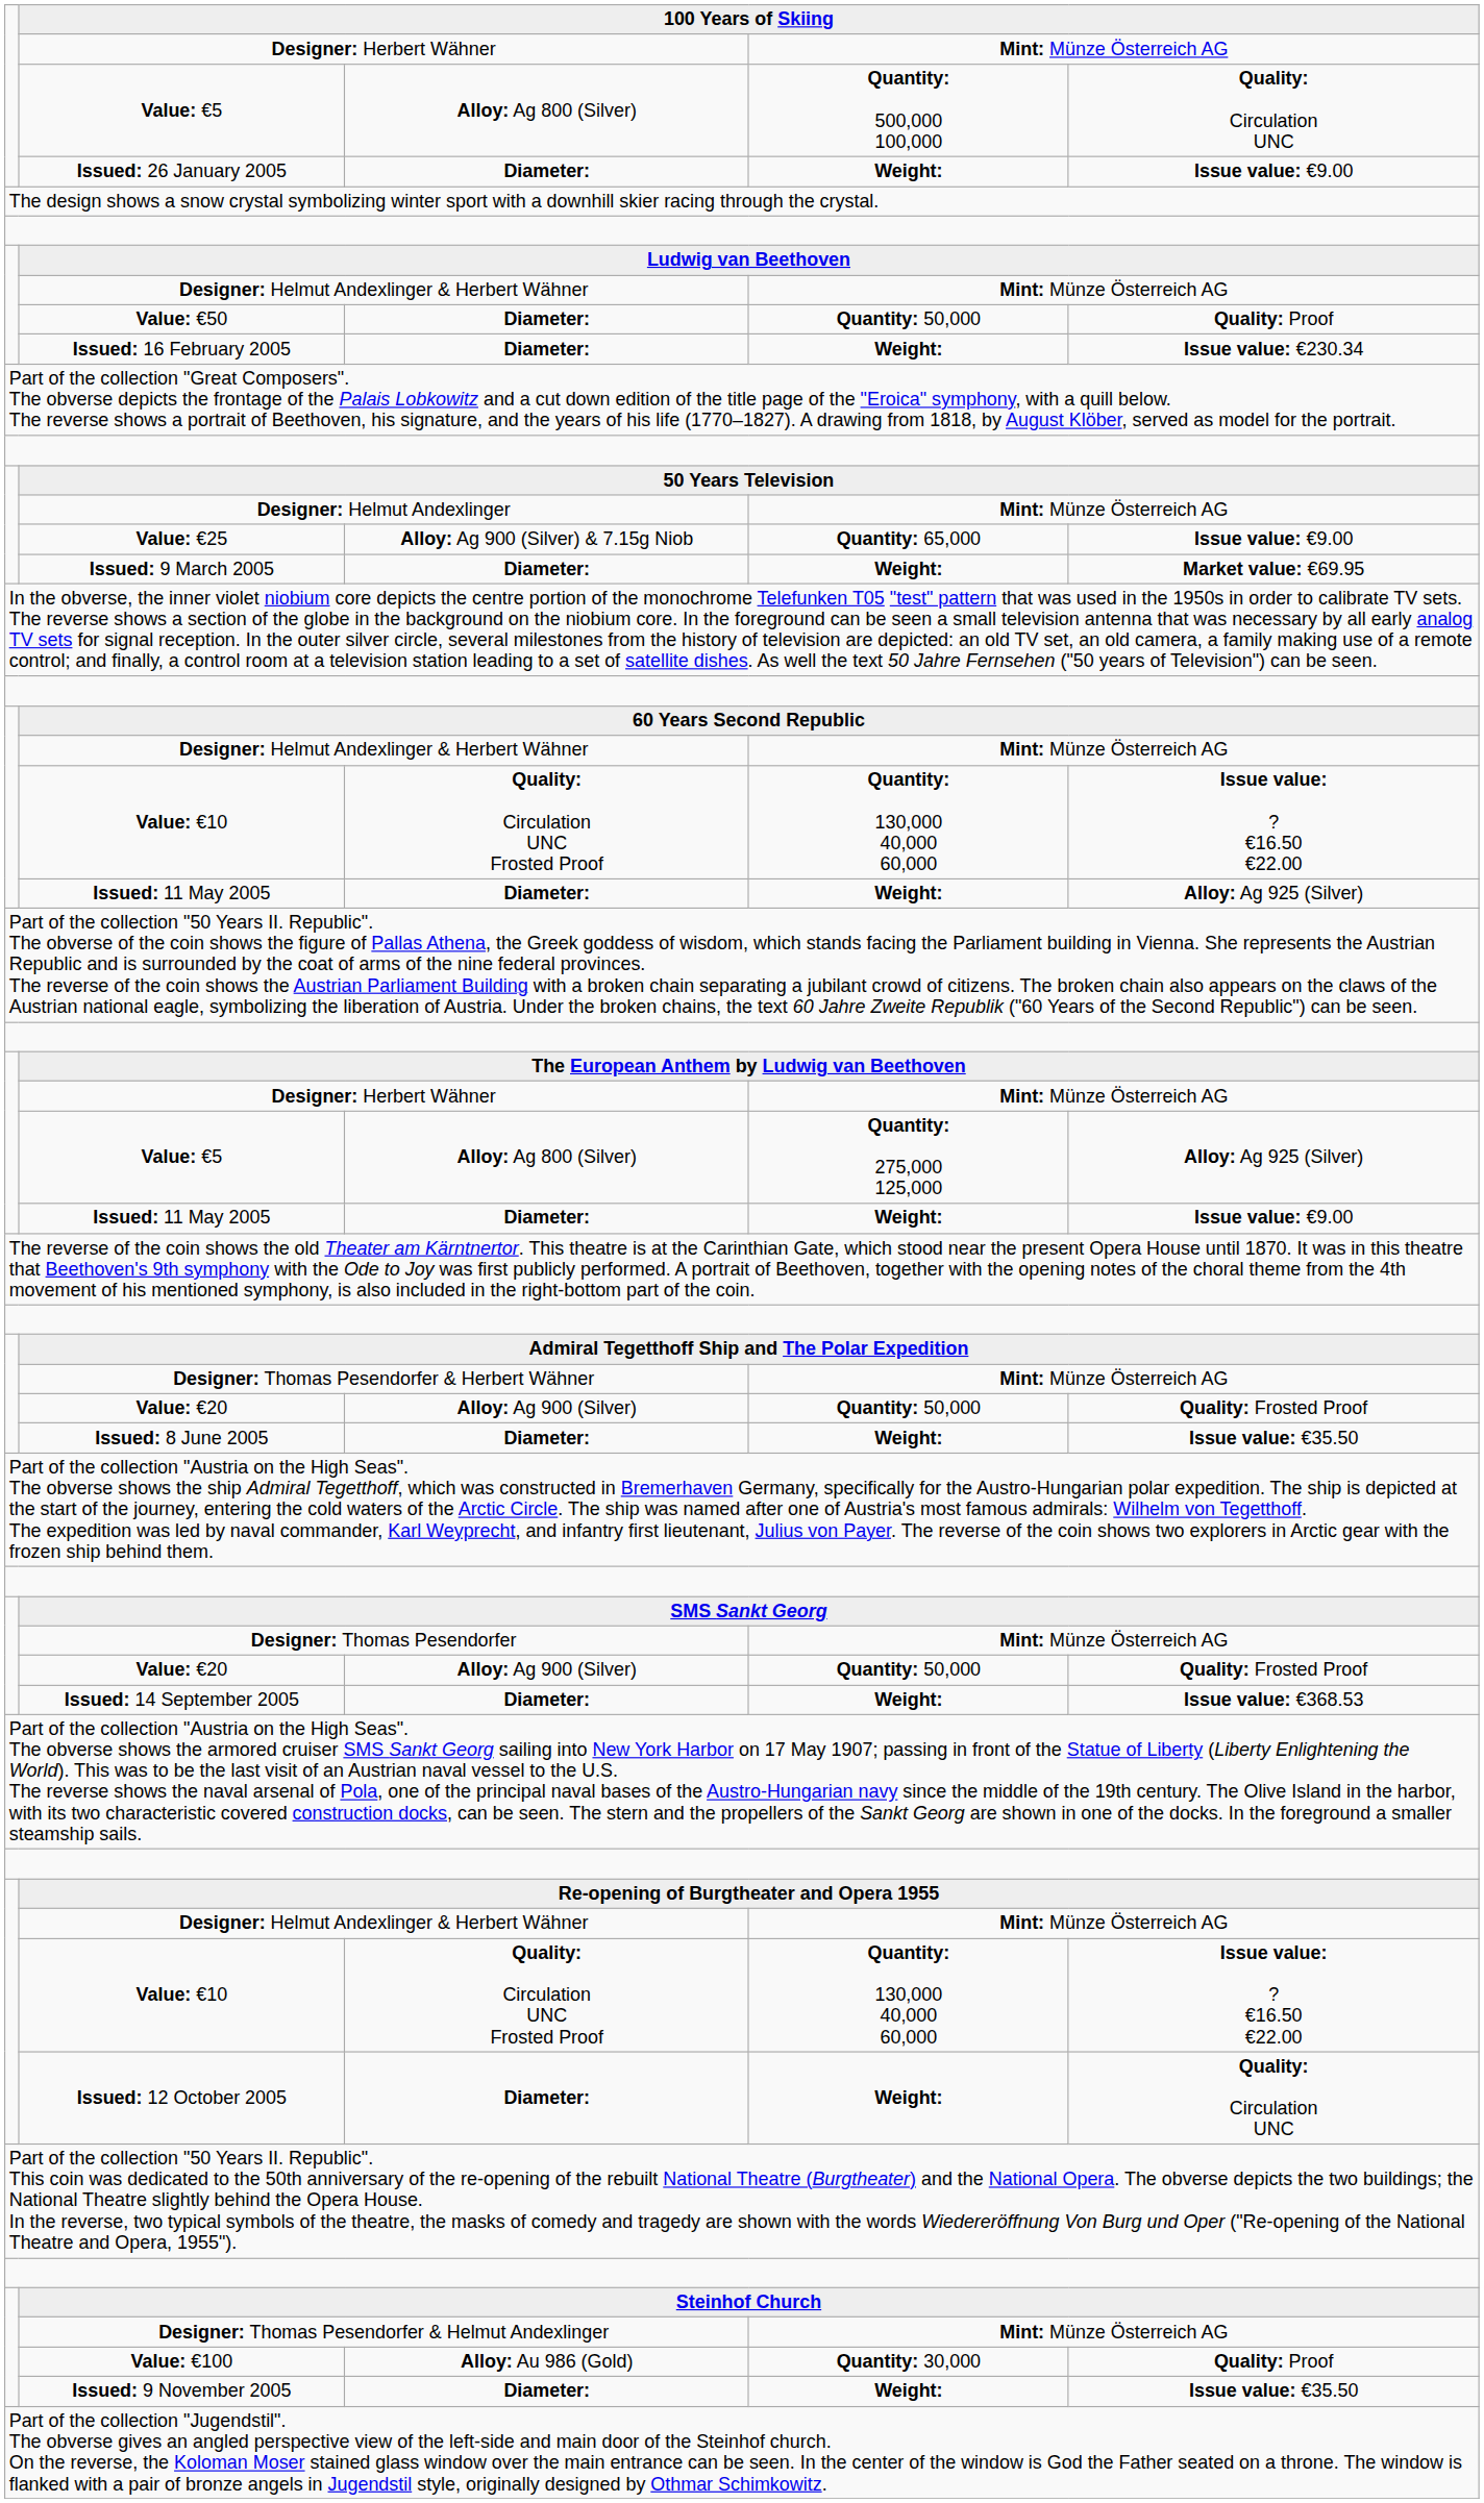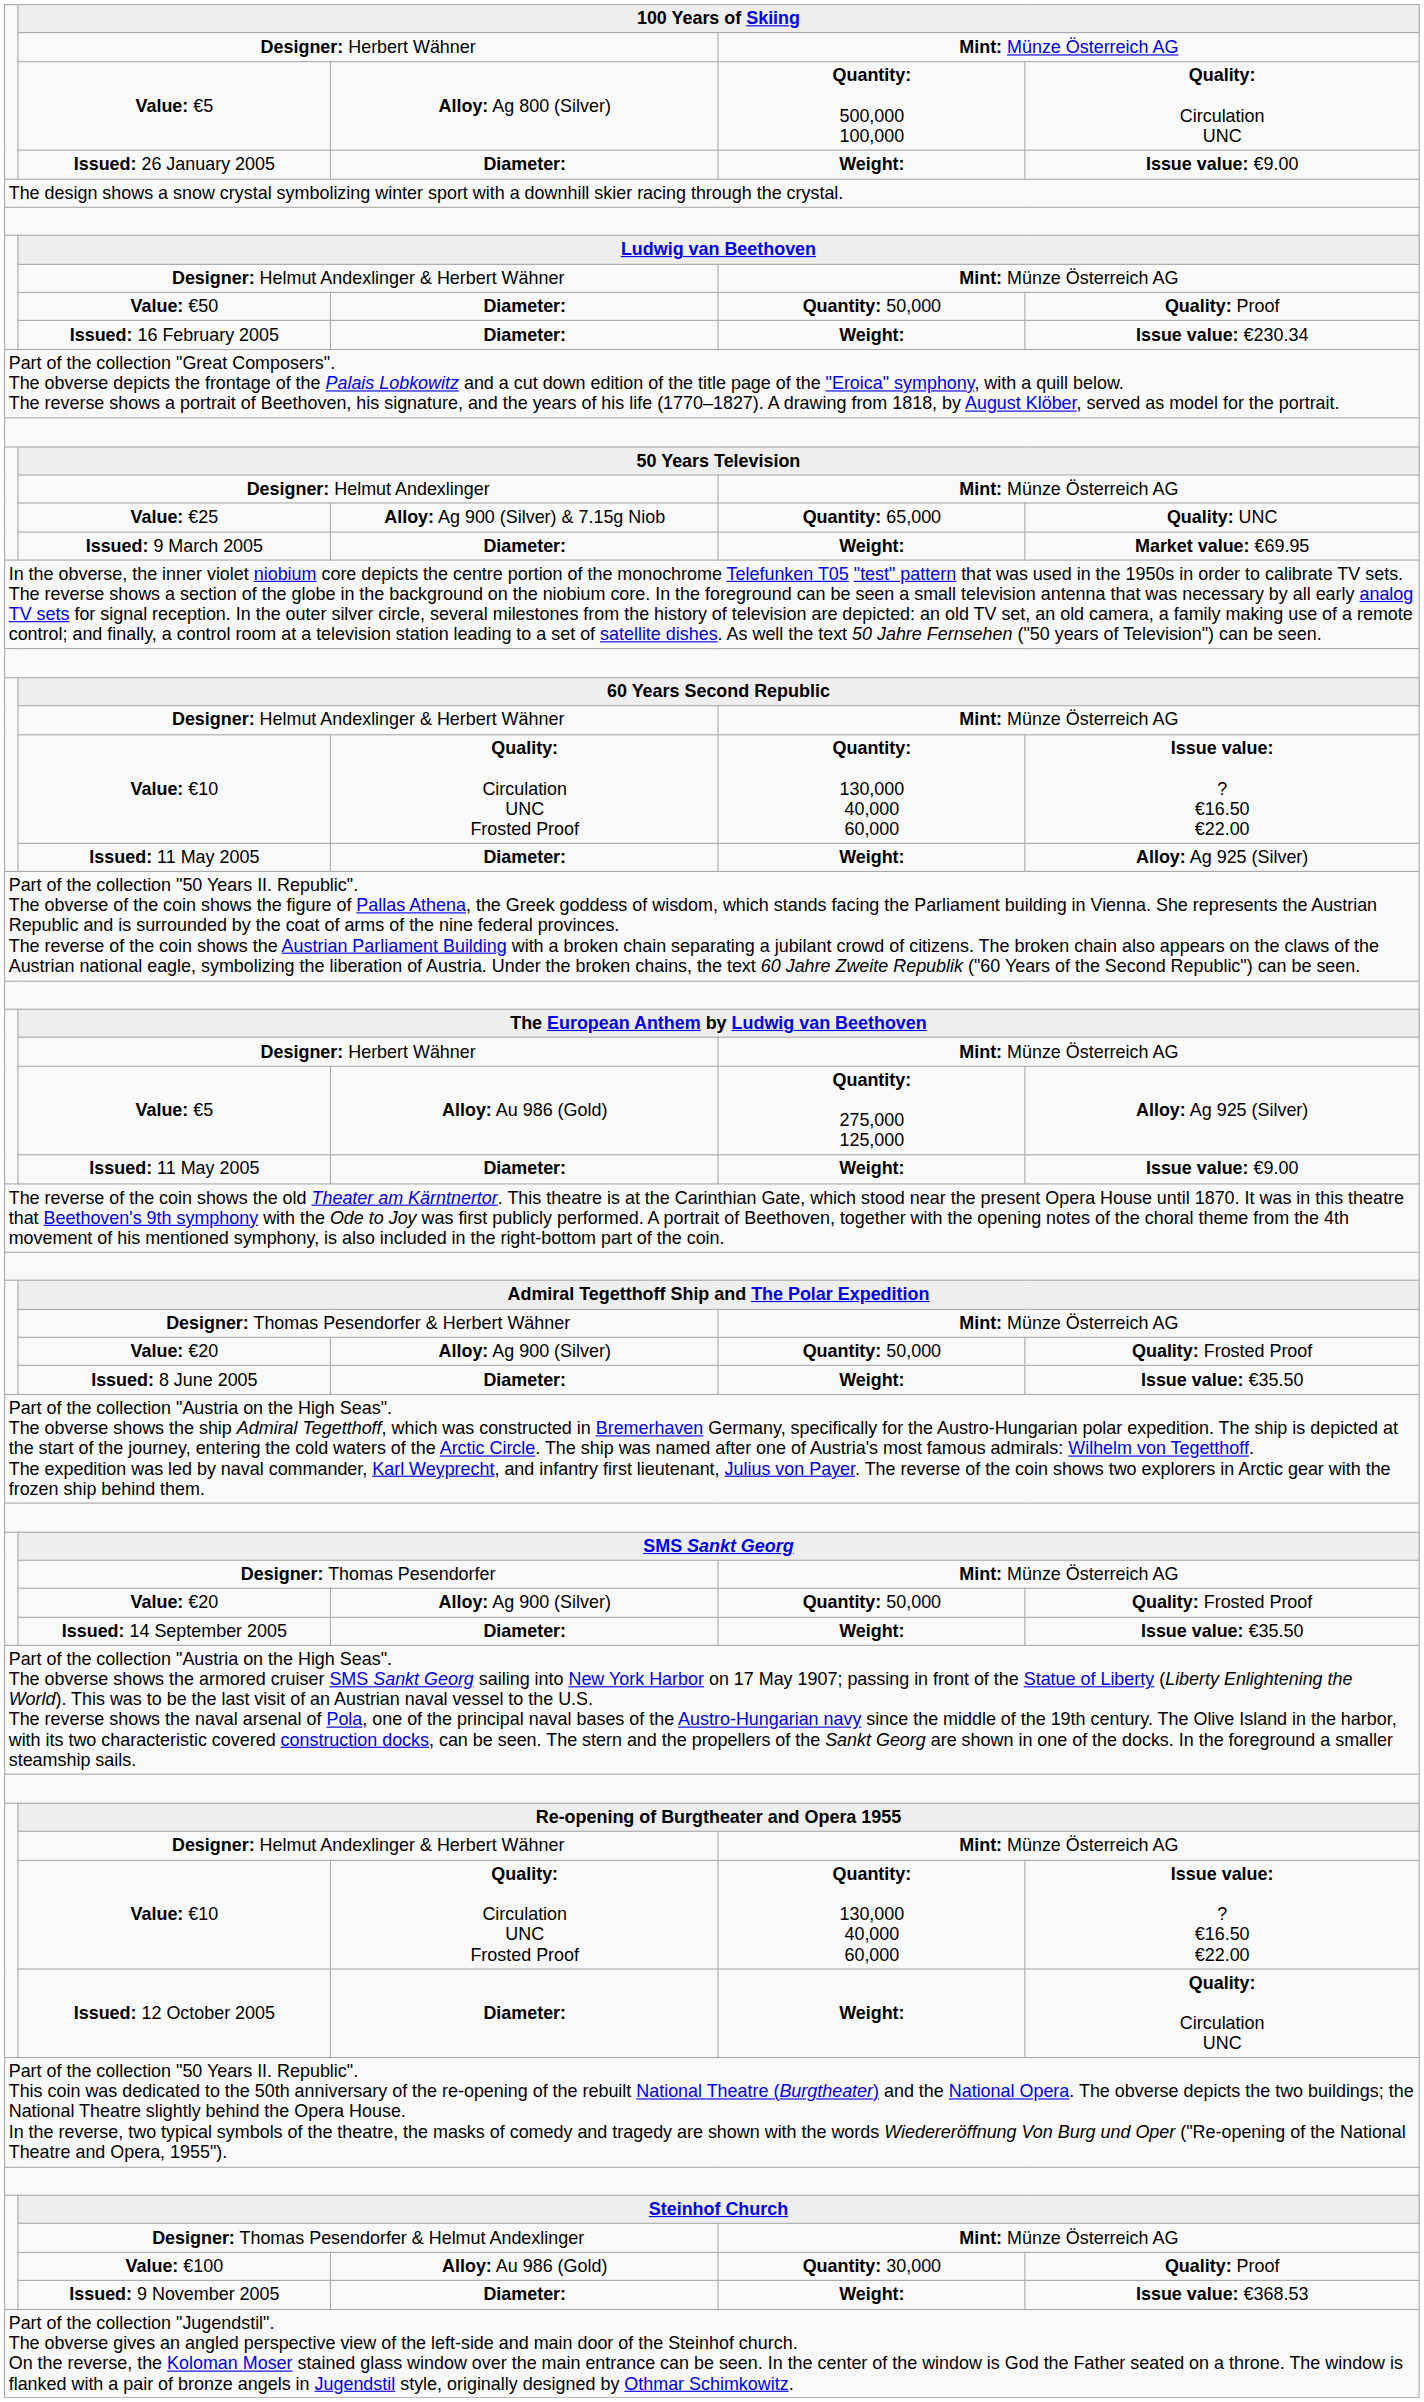 <table class="wikitable" width="100%">
 <tr>
 <td rowspan=4 width="330px" nowrap align=center> </td>
 <th colspan="4" align=center style="background:#eeeeee;">100 Years of <a href='#'>Skiing</a></th>
 </tr>
 <tr>
 <td colspan="2" width="50%" align=center><strong>Designer:</strong> Herbert Wähner</td>
 <td colspan="2" width="50%" align=center><strong>Mint:</strong> <a href='#'>Münze Österreich AG</a></td>
 </tr>
 <tr>
 <td align=center><strong>Value:</strong> €5</td>
 <td align=center><strong>Alloy:</strong> Ag 800 (Silver)</td>
 <td align=center><strong>Quantity:</strong><br><br>500,000<br> 100,000</td>
 <td align=center><strong>Quality:</strong><br><br>Circulation<br> UNC</td>
 </tr>
 <tr>
 <td align=center><strong>Issued:</strong> 26 January 2005</td>
 <td align=center><strong>Diameter:</strong> </td>
 <td align=center><strong>Weight:</strong> </td>
 <td align=center><strong>Issue value:</strong> €9.00</td>
 </tr>
 <tr>
 <td colspan="5" align=left>The design shows a snow crystal symbolizing winter sport with a downhill skier racing through the crystal.</td>
 </tr>
 <tr>
 <td colspan="5"> </td>
 </tr>
 <tr>
 <td rowspan=4 width="330px" nowrap align=center> </td>
 <th colspan="4" align=center style="background:#eeeeee;"><a href='#'>Ludwig van Beethoven</a></th>
 </tr>
 <tr>
 <td colspan="2" width="50%" align=center><strong>Designer:</strong> Helmut Andexlinger & Herbert Wähner</td>
 <td colspan="2" width="50%" align=center><strong>Mint:</strong> Münze Österreich AG</td>
 </tr>
 <tr>
 <td align=center><strong>Value:</strong> €50</td>
 <td align=center><strong>Diameter:</strong> </td>
 <td align=center><strong>Quantity:</strong> 50,000</td>
 <td align=center><strong>Quality:</strong> Proof</td>
 </tr>
 <tr>
 <td align=center><strong>Issued:</strong> 16 February 2005</td>
 <td align=center><strong>Diameter:</strong> </td>
 <td align=center><strong>Weight:</strong> </td>
 <td align=center><strong>Issue value:</strong> €230.34</td>
 </tr>
 <tr>
 <td colspan="5" align=left>Part of the collection "Great Composers".<br>The obverse depicts the frontage of the <em><a href='#'>Palais Lobkowitz</a></em> and a cut down edition of the title page of the <a href='#'>"Eroica" symphony</a>, with a quill below.<br>The reverse shows a portrait of Beethoven, his signature, and the years of his life (1770–1827). A drawing from 1818, by <a href='#'>August Klöber</a>, served as model for the portrait.</td>
 </tr>
 <tr>
 <td colspan="5"> </td>
 </tr>
 <tr>
 <td rowspan=4 width="330px" nowrap align=center> </td>
 <th colspan="4" align=center style="background:#eeeeee;">50 Years Television</th>
 </tr>
 <tr>
 <td colspan="2" width="50%" align=center><strong>Designer:</strong> Helmut Andexlinger</td>
 <td colspan="2" width="50%" align=center><strong>Mint:</strong> Münze Österreich AG</td>
 </tr>
 <tr>
 <td align=center><strong>Value:</strong> €25</td>
 <td align=center><strong>Alloy:</strong> Ag 900 (Silver) & 7.15g Niob</td>
 <td align=center><strong>Quantity:</strong> 65,000</td>
-<td align=center><strong>Issue value:</strong> €9.00</td>
+<td align=center><strong>Quality:</strong> UNC</td>
 </tr>
 <tr>
 <td align=center><strong>Issued:</strong> 9 March 2005</td>
 <td align=center><strong>Diameter:</strong> </td>
 <td align=center><strong>Weight:</strong> </td>
 <td align=center><strong>Market value:</strong> €69.95</td>
 </tr>
 <tr>
 <td colspan="5" align=left>In the obverse, the inner violet <a href='#'>niobium</a> core depicts the centre portion of the monochrome <a href='#'>Telefunken T05</a> <a href='#'>"test" pattern</a> that was used in the 1950s in order to calibrate TV sets.<br>The reverse shows a section of the globe in the background on the niobium core. In the foreground can be seen a small television antenna that was necessary by all early <a href='#'>analog TV sets</a> for signal reception. In the outer silver circle, several milestones from the history of television are depicted: an old TV set, an old camera, a family making use of a remote control; and finally, a control room at a television station leading to a set of <a href='#'>satellite dishes</a>. As well the text <em>50 Jahre Fernsehen</em> ("50 years of Television") can be seen.</td>
 </tr>
 <tr>
 <td colspan="5"> </td>
 </tr>
 <tr>
 <td rowspan=4 width="330px" nowrap align=center> </td>
 <th colspan="4" align=center style="background:#eeeeee;">60 Years Second Republic</th>
 </tr>
 <tr>
 <td colspan="2" width="50%" align=center><strong>Designer:</strong> Helmut Andexlinger & Herbert Wähner</td>
 <td colspan="2" width="50%" align=center><strong>Mint:</strong> Münze Österreich AG</td>
 </tr>
 <tr>
 <td align=center><strong>Value:</strong> €10</td>
 <td align=center><strong>Quality:</strong><br><br>Circulation<br> UNC<br> Frosted Proof</td>
 <td align=center><strong>Quantity:</strong><br><br>130,000<br> 40,000<br> 60,000</td>
 <td align=center><strong>Issue value:</strong><br><br>?<br> €16.50<br> €22.00</td>
 </tr>
 <tr>
 <td align=center><strong>Issued:</strong> 11 May 2005</td>
 <td align=center><strong>Diameter:</strong> </td>
 <td align=center><strong>Weight:</strong> </td>
 <td align=center><strong>Alloy:</strong> Ag 925 (Silver)</td>
 </tr>
 <tr>
 <td colspan="5" align=left>Part of the collection "50 Years II. Republic".<br>The obverse of the coin shows the figure of <a href='#'>Pallas Athena</a>, the Greek goddess of wisdom, which stands facing the Parliament building in Vienna. She represents the Austrian Republic and is surrounded by the coat of arms of the nine federal provinces.<br>The reverse of the coin shows the <a href='#'>Austrian Parliament Building</a> with a broken chain separating a jubilant crowd of citizens. The broken chain also appears on the claws of the Austrian national eagle, symbolizing the liberation of Austria. Under the broken chains, the text <em>60 Jahre Zweite Republik</em> ("60 Years of the Second Republic") can be seen.</td>
 </tr>
 <tr>
 <td colspan="5"> </td>
 </tr>
 <tr>
 <td rowspan=4 width="330px" nowrap align=center> </td>
 <th colspan="4" align=center style="background:#eeeeee;">The <a href='#'>European Anthem</a> by <a href='#'>Ludwig van Beethoven</a></th>
 </tr>
 <tr>
 <td colspan="2" width="50%" align=center><strong>Designer:</strong> Herbert Wähner</td>
 <td colspan="2" width="50%" align=center><strong>Mint:</strong> Münze Österreich AG</td>
 </tr>
 <tr>
 <td align=center><strong>Value:</strong> €5</td>
-<td align=center><strong>Alloy:</strong> Ag 800 (Silver)</td>
+<td align=center><strong>Alloy:</strong> Au 986 (Gold)</td>
 <td align=center><strong>Quantity:</strong><br><br>275,000<br> 125,000</td>
 <td align=center><strong>Alloy:</strong> Ag 925 (Silver)</td>
 </tr>
 <tr>
 <td align=center><strong>Issued:</strong> 11 May 2005</td>
 <td align=center><strong>Diameter:</strong> </td>
 <td align=center><strong>Weight:</strong> </td>
 <td align=center><strong>Issue value:</strong> €9.00</td>
 </tr>
 <tr>
 <td colspan="5" align=left>The reverse of the coin shows the old <em><a href='#'>Theater am Kärntnertor</a></em>. This theatre is at the Carinthian Gate, which stood near the present Opera House until 1870. It was in this theatre that <a href='#'>Beethoven's 9th symphony</a> with the <em>Ode to Joy</em> was first publicly performed. A portrait of Beethoven, together with the opening notes of the choral theme from the 4th movement of his mentioned symphony, is also included in the right-bottom part of the coin.</td>
 </tr>
 <tr>
 <td colspan="5"> </td>
 </tr>
 <tr>
 <td rowspan=4 width="330px" nowrap align=center> </td>
 <th colspan="4" align=center style="background:#eeeeee;">Admiral Tegetthoff Ship and <a href='#'>The Polar Expedition</a></th>
 </tr>
 <tr>
 <td colspan="2" width="50%" align=center><strong>Designer:</strong> Thomas Pesendorfer & Herbert Wähner</td>
 <td colspan="2" width="50%" align=center><strong>Mint:</strong> Münze Österreich AG</td>
 </tr>
 <tr>
 <td align=center><strong>Value:</strong> €20</td>
 <td align=center><strong>Alloy:</strong> Ag 900 (Silver)</td>
 <td align=center><strong>Quantity:</strong> 50,000</td>
 <td align=center><strong>Quality:</strong> Frosted Proof</td>
 </tr>
 <tr>
 <td align=center><strong>Issued:</strong> 8 June 2005</td>
 <td align=center><strong>Diameter:</strong> </td>
 <td align=center><strong>Weight:</strong> </td>
 <td align=center><strong>Issue value:</strong> €35.50</td>
 </tr>
 <tr>
 <td colspan="5" align=left>Part of the collection "Austria on the High Seas".<br>The obverse shows the ship <em>Admiral Tegetthoff</em>, which was constructed in <a href='#'>Bremerhaven</a> Germany, specifically for the Austro-Hungarian polar expedition. The ship is depicted at the start of the journey, entering the cold waters of the <a href='#'>Arctic Circle</a>. The ship was named after one of Austria's most famous admirals: <a href='#'>Wilhelm von Tegetthoff</a>.<br>The expedition was led by naval commander, <a href='#'>Karl Weyprecht</a>, and infantry first lieutenant, <a href='#'>Julius von Payer</a>. The reverse of the coin shows two explorers in Arctic gear with the frozen ship behind them.</td>
 </tr>
 <tr>
 <td colspan="5"> </td>
 </tr>
 <tr>
 <td rowspan=4 width="330px" nowrap align=center> </td>
 <th colspan="4" align=center style="background:#eeeeee;"><a href='#'>SMS <em>Sankt Georg</em></a></th>
 </tr>
 <tr>
 <td colspan="2" width="50%" align=center><strong>Designer:</strong> Thomas Pesendorfer</td>
 <td colspan="2" width="50%" align=center><strong>Mint:</strong> Münze Österreich AG</td>
 </tr>
 <tr>
 <td align=center><strong>Value:</strong> €20</td>
 <td align=center><strong>Alloy:</strong> Ag 900 (Silver)</td>
 <td align=center><strong>Quantity:</strong> 50,000</td>
 <td align=center><strong>Quality:</strong> Frosted Proof</td>
 </tr>
 <tr>
 <td align=center><strong>Issued:</strong> 14 September 2005</td>
 <td align=center><strong>Diameter:</strong> </td>
 <td align=center><strong>Weight:</strong> </td>
-<td align=center><strong>Issue value:</strong> €368.53</td>
+<td align=center><strong>Issue value:</strong> €35.50</td>
 </tr>
 <tr>
 <td colspan="5" align=left>Part of the collection "Austria on the High Seas".<br>The obverse shows the armored cruiser <a href='#'>SMS <em>Sankt Georg</em></a> sailing into <a href='#'>New York Harbor</a> on 17 May 1907; passing in front of the <a href='#'>Statue of Liberty</a> (<em>Liberty Enlightening the World</em>). This was to be the last visit of an Austrian naval vessel to the U.S.<br>The reverse shows the naval arsenal of <a href='#'>Pola</a>, one of the principal naval bases of the <a href='#'>Austro-Hungarian navy</a> since the middle of the 19th century. The Olive Island in the harbor, with its two characteristic covered <a href='#'>construction docks</a>, can be seen. The stern and the propellers of the <em>Sankt Georg</em> are shown in one of the docks. In the foreground a smaller steamship sails.</td>
 </tr>
 <tr>
 <td colspan="5"> </td>
 </tr>
 <tr>
 <td rowspan=4 width="330px" nowrap align=center> </td>
 <th colspan="4" align=center style="background:#eeeeee;">Re-opening of Burgtheater and Opera 1955</th>
 </tr>
 <tr>
 <td colspan="2" width="50%" align=center><strong>Designer:</strong> Helmut Andexlinger & Herbert Wähner</td>
 <td colspan="2" width="50%" align=center><strong>Mint:</strong> Münze Österreich AG</td>
 </tr>
 <tr>
 <td align=center><strong>Value:</strong> €10</td>
 <td align=center><strong>Quality:</strong><br><br>Circulation<br> UNC<br> Frosted Proof</td>
 <td align=center><strong>Quantity:</strong><br><br>130,000<br> 40,000<br> 60,000</td>
 <td align=center><strong>Issue value:</strong><br><br>?<br> €16.50<br> €22.00</td>
 </tr>
 <tr>
 <td align=center><strong>Issued:</strong> 12 October 2005</td>
 <td align=center><strong>Diameter:</strong> </td>
 <td align=center><strong>Weight:</strong> </td>
 <td align=center><strong>Quality:</strong><br><br>Circulation<br> UNC</td>
 </tr>
 <tr>
 <td colspan="5" align=left>Part of the collection "50 Years II. Republic".<br>This coin was dedicated to the 50th anniversary of the re-opening of the rebuilt <a href='#'>National Theatre (<em>Burgtheater</em>)</a> and the <a href='#'>National Opera</a>. The obverse depicts the two buildings; the National Theatre slightly behind the Opera House.<br>In the reverse, two typical symbols of the theatre, the masks of comedy and tragedy are shown with the words <em>Wiedereröffnung Von Burg und Oper</em> ("Re-opening of the National Theatre and Opera, 1955").</td>
 </tr>
 <tr>
 <td colspan="5"> </td>
 </tr>
 <tr>
 <td rowspan=4 width="330px" nowrap align=center> </td>
 <th colspan="4" align=center style="background:#eeeeee;"><a href='#'>Steinhof Church</a></th>
 </tr>
 <tr>
 <td colspan="2" width="50%" align=center><strong>Designer:</strong> Thomas Pesendorfer & Helmut Andexlinger</td>
 <td colspan="2" width="50%" align=center><strong>Mint:</strong> Münze Österreich AG</td>
 </tr>
 <tr>
 <td align=center><strong>Value:</strong> €100</td>
 <td align=center><strong>Alloy:</strong> Au 986 (Gold)</td>
 <td align=center><strong>Quantity:</strong> 30,000</td>
 <td align=center><strong>Quality:</strong> Proof</td>
 </tr>
 <tr>
 <td align=center><strong>Issued:</strong> 9 November 2005</td>
 <td align=center><strong>Diameter:</strong> </td>
 <td align=center><strong>Weight:</strong> </td>
-<td align=center><strong>Issue value:</strong> €35.50</td>
+<td align=center><strong>Issue value:</strong> €368.53</td>
 </tr>
 <tr>
 <td colspan="5" align=left>Part of the collection "Jugendstil".<br>The obverse gives an angled perspective view of the left-side and main door of the Steinhof church.<br>On the reverse, the <a href='#'>Koloman Moser</a> stained glass window over the main entrance can be seen. In the center of the window is God the Father seated on a throne. The window is flanked with a pair of bronze angels in <a href='#'>Jugendstil</a> style, originally designed by <a href='#'>Othmar Schimkowitz</a>.</td>
 </tr>
 <tr>
 </tr>
 </table>
